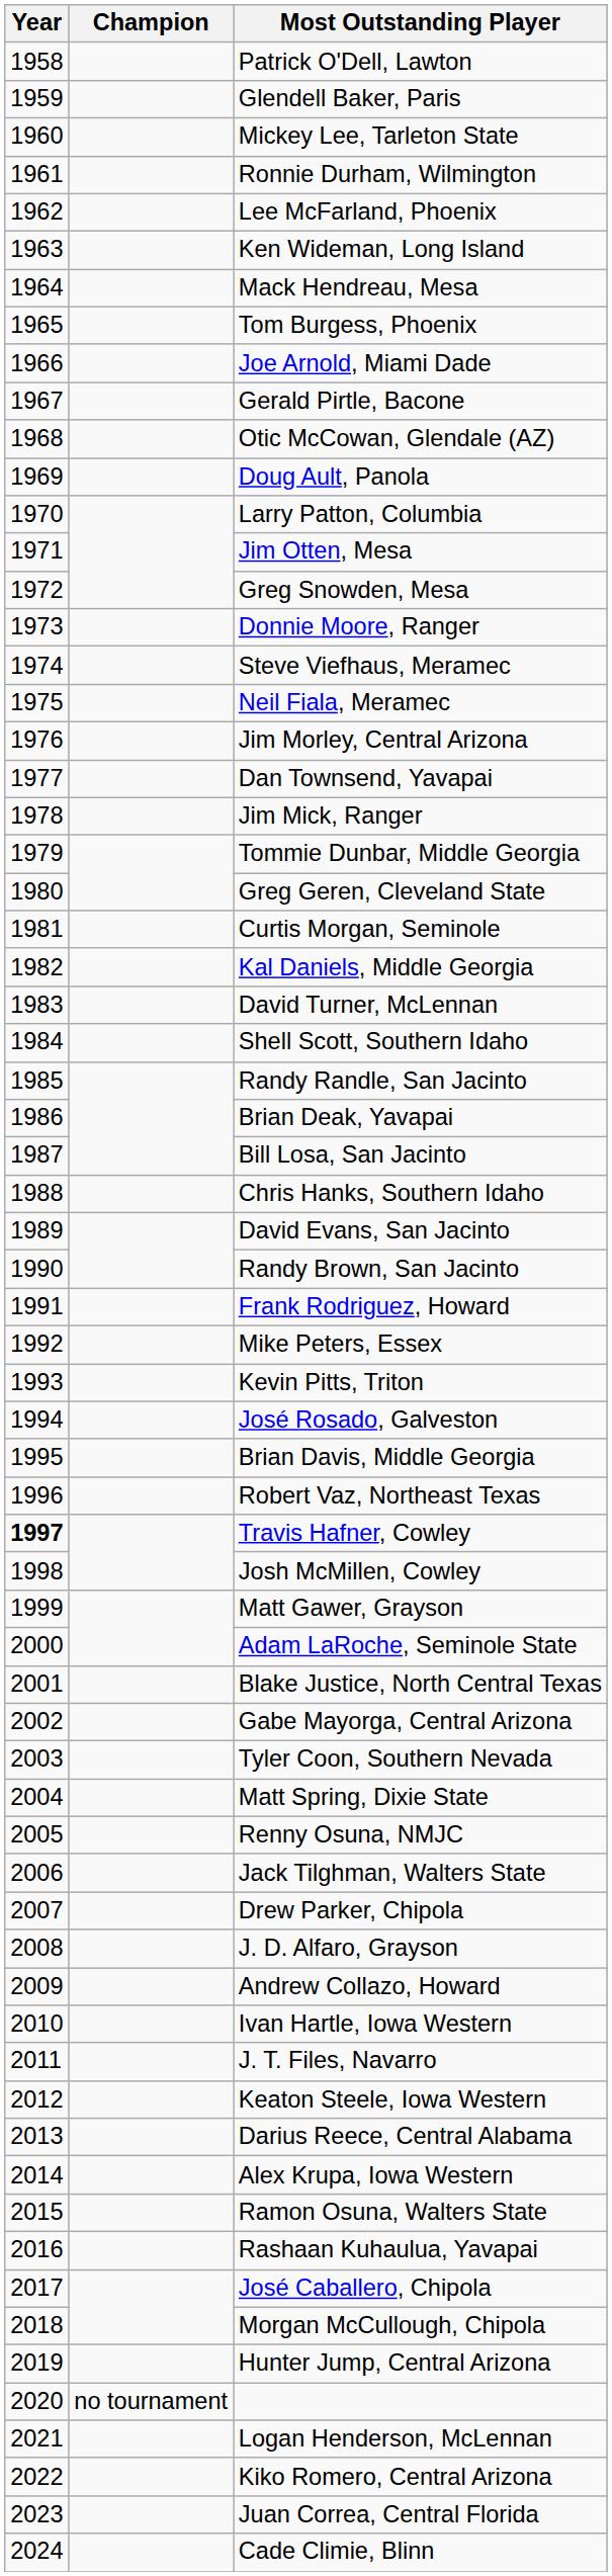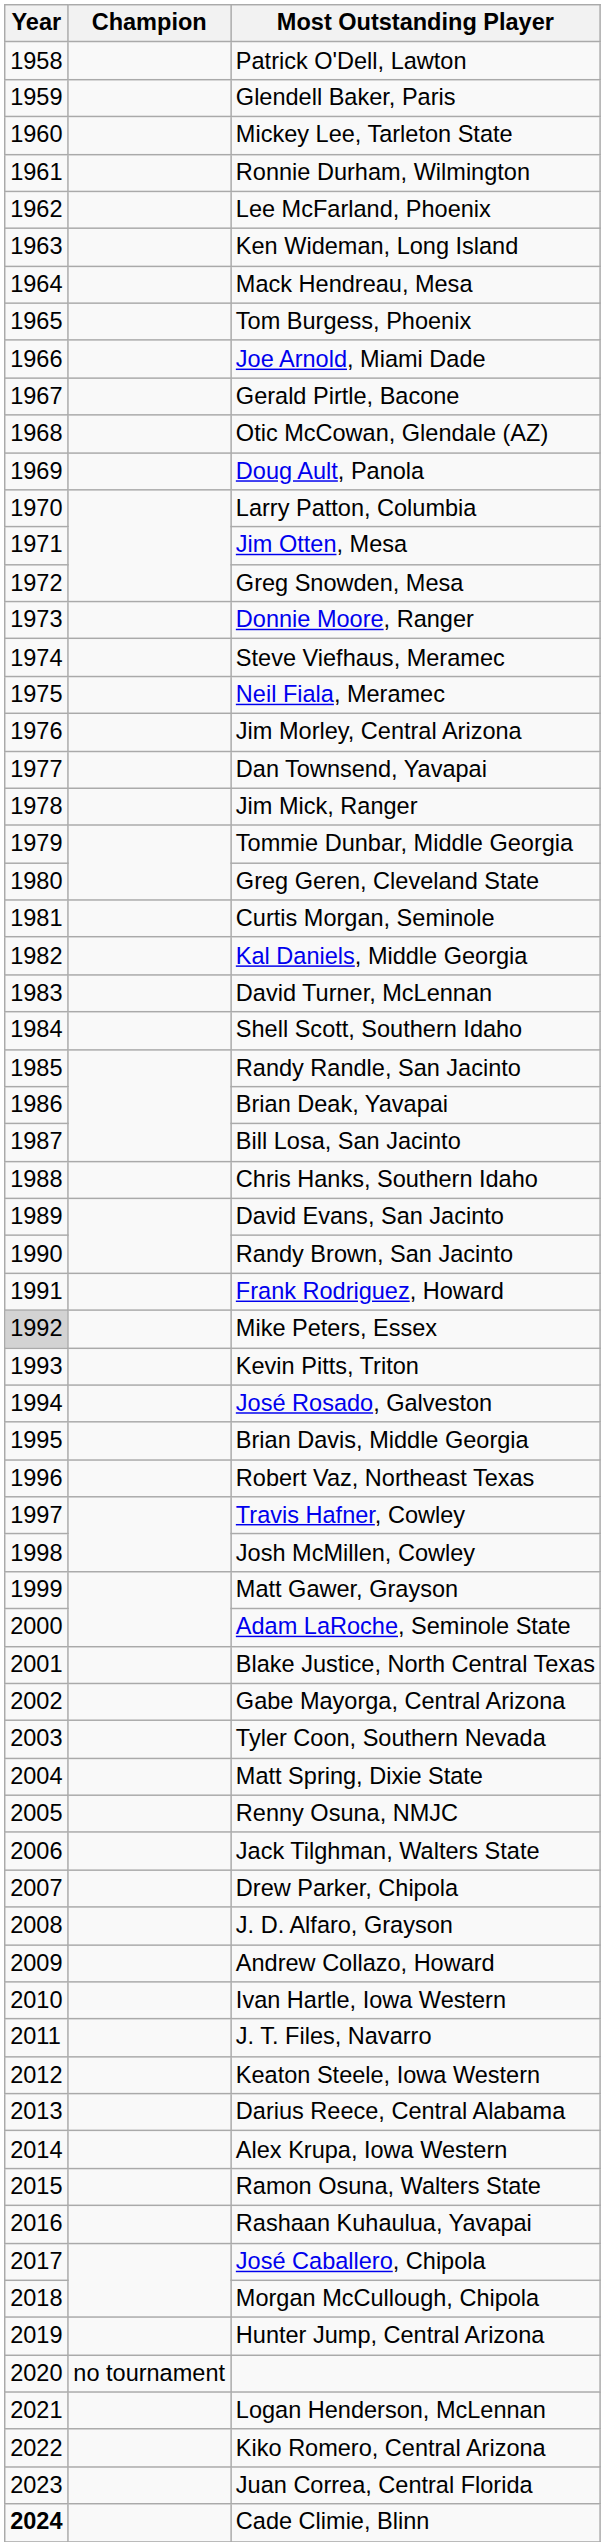 <table class="wikitable sortable">
 <tr>
 <th>Year</th>
 <th>Champion</th>
 <th>Most Outstanding Player</th>
 </tr>
 <tr>
 <td>1958</td>
 <td></td>
 <td>Patrick O'Dell, Lawton</td>
 </tr>
 <tr>
 <td>1959</td>
 <td></td>
 <td>Glendell Baker, Paris</td>
 </tr>
 <tr>
 <td>1960</td>
 <td></td>
 <td>Mickey Lee, Tarleton State</td>
 </tr>
 <tr>
 <td>1961</td>
 <td></td>
 <td>Ronnie Durham, Wilmington</td>
 </tr>
 <tr>
 <td>1962</td>
 <td></td>
 <td>Lee McFarland, Phoenix</td>
 </tr>
 <tr>
 <td>1963</td>
 <td></td>
 <td>Ken Wideman, Long Island</td>
 </tr>
 <tr>
 <td>1964</td>
 <td></td>
 <td>Mack Hendreau, Mesa</td>
 </tr>
 <tr>
 <td>1965</td>
 <td></td>
 <td>Tom Burgess, Phoenix</td>
 </tr>
 <tr>
 <td>1966</td>
 <td></td>
 <td><a href='#'>Joe Arnold</a>, Miami Dade</td>
 </tr>
 <tr>
 <td>1967</td>
 <td></td>
 <td>Gerald Pirtle, Bacone</td>
 </tr>
 <tr>
 <td>1968</td>
 <td></td>
 <td>Otic McCowan, Glendale (AZ)</td>
 </tr>
 <tr>
 <td>1969</td>
 <td></td>
 <td><a href='#'>Doug Ault</a>, Panola</td>
 </tr>
 <tr>
 <td>1970</td>
 <td rowspan="3"></td>
 <td>Larry Patton, Columbia</td>
 </tr>
 <tr>
 <td>1971</td>
 <td><a href='#'>Jim Otten</a>, Mesa</td>
 </tr>
 <tr>
 <td>1972</td>
 <td>Greg Snowden, Mesa</td>
 </tr>
 <tr>
 <td>1973</td>
 <td></td>
 <td><a href='#'>Donnie Moore</a>, Ranger</td>
 </tr>
 <tr>
 <td>1974</td>
 <td></td>
 <td>Steve Viefhaus, Meramec</td>
 </tr>
 <tr>
 <td>1975</td>
 <td></td>
 <td><a href='#'>Neil Fiala</a>, Meramec</td>
 </tr>
 <tr>
 <td>1976</td>
 <td></td>
 <td>Jim Morley, Central Arizona</td>
 </tr>
 <tr>
 <td>1977</td>
 <td></td>
 <td>Dan Townsend, Yavapai</td>
 </tr>
 <tr>
 <td>1978</td>
 <td></td>
 <td>Jim Mick, Ranger</td>
 </tr>
 <tr>
 <td>1979</td>
 <td rowspan="2"></td>
 <td>Tommie Dunbar, Middle Georgia</td>
 </tr>
 <tr>
 <td>1980</td>
 <td>Greg Geren, Cleveland State</td>
 </tr>
 <tr>
 <td>1981</td>
 <td></td>
 <td>Curtis Morgan, Seminole</td>
 </tr>
 <tr>
 <td>1982</td>
 <td></td>
 <td><a href='#'>Kal Daniels</a>, Middle Georgia</td>
 </tr>
 <tr>
 <td>1983</td>
 <td></td>
 <td>David Turner, McLennan</td>
 </tr>
 <tr>
 <td>1984</td>
 <td></td>
 <td>Shell Scott, Southern Idaho</td>
 </tr>
 <tr>
 <td>1985</td>
 <td rowspan="3"></td>
 <td>Randy Randle, San Jacinto</td>
 </tr>
 <tr>
 <td>1986</td>
 <td>Brian Deak, Yavapai</td>
 </tr>
 <tr>
 <td>1987</td>
 <td>Bill Losa, San Jacinto</td>
 </tr>
 <tr>
 <td>1988</td>
 <td></td>
 <td>Chris  Hanks, Southern Idaho</td>
 </tr>
 <tr>
 <td>1989</td>
 <td rowspan="2"></td>
 <td>David Evans, San Jacinto</td>
 </tr>
 <tr>
 <td>1990</td>
 <td>Randy Brown, San Jacinto</td>
 </tr>
 <tr>
 <td>1991</td>
 <td></td>
 <td><a href='#'>Frank Rodriguez</a>, Howard</td>
 </tr>
 <tr>
-<td>1992</td>
+<td style="background: lightgrey;">1992</td>
 <td></td>
 <td>Mike Peters, Essex</td>
 </tr>
 <tr>
 <td>1993</td>
 <td></td>
 <td>Kevin Pitts, Triton</td>
 </tr>
 <tr>
 <td>1994</td>
 <td></td>
 <td><a href='#'>José Rosado</a>, Galveston</td>
 </tr>
 <tr>
 <td>1995</td>
 <td></td>
 <td>Brian Davis, Middle Georgia</td>
 </tr>
 <tr>
 <td>1996</td>
 <td></td>
 <td>Robert Vaz, Northeast Texas</td>
 </tr>
 <tr>
-<td><strong>1997</strong></td>
+<td>1997</td>
 <td rowspan="2"></td>
 <td><a href='#'>Travis Hafner</a>, Cowley</td>
 </tr>
 <tr>
 <td>1998</td>
 <td>Josh McMillen, Cowley</td>
 </tr>
 <tr>
 <td>1999</td>
 <td rowspan="2"></td>
 <td>Matt Gawer, Grayson</td>
 </tr>
 <tr>
 <td>2000</td>
 <td><a href='#'>Adam LaRoche</a>, Seminole State</td>
 </tr>
 <tr>
 <td>2001</td>
 <td></td>
 <td>Blake Justice, North Central Texas</td>
 </tr>
 <tr>
 <td>2002</td>
 <td></td>
 <td>Gabe Mayorga, Central Arizona</td>
 </tr>
 <tr>
 <td>2003</td>
 <td></td>
 <td>Tyler Coon, Southern Nevada</td>
 </tr>
 <tr>
 <td>2004</td>
 <td></td>
 <td>Matt Spring, Dixie State</td>
 </tr>
 <tr>
 <td>2005</td>
 <td></td>
 <td>Renny Osuna, NMJC</td>
 </tr>
 <tr>
 <td>2006</td>
 <td></td>
 <td>Jack Tilghman, Walters State</td>
 </tr>
 <tr>
 <td>2007</td>
 <td></td>
 <td>Drew Parker, Chipola</td>
 </tr>
 <tr>
 <td>2008</td>
 <td></td>
 <td>J. D. Alfaro, Grayson</td>
 </tr>
 <tr>
 <td>2009</td>
 <td></td>
 <td>Andrew Collazo, Howard</td>
 </tr>
 <tr>
 <td>2010</td>
 <td></td>
 <td>Ivan Hartle, Iowa Western</td>
 </tr>
 <tr>
 <td>2011</td>
 <td></td>
 <td>J. T. Files, Navarro</td>
 </tr>
 <tr>
 <td>2012</td>
 <td></td>
 <td>Keaton Steele, Iowa Western</td>
 </tr>
 <tr>
 <td>2013</td>
 <td></td>
 <td>Darius Reece, Central Alabama</td>
 </tr>
 <tr>
 <td>2014</td>
 <td></td>
 <td>Alex Krupa, Iowa Western</td>
 </tr>
 <tr>
 <td>2015</td>
 <td></td>
 <td>Ramon Osuna, Walters State</td>
 </tr>
 <tr>
 <td>2016</td>
 <td></td>
 <td>Rashaan Kuhaulua, Yavapai</td>
 </tr>
 <tr>
 <td>2017</td>
 <td rowspan="2"></td>
 <td><a href='#'>José Caballero</a>, Chipola</td>
 </tr>
 <tr>
 <td>2018</td>
 <td>Morgan McCullough, Chipola</td>
 </tr>
 <tr>
 <td>2019</td>
 <td></td>
 <td>Hunter Jump, Central Arizona</td>
 </tr>
 <tr>
 <td>2020</td>
 <td>no tournament</td>
 </tr>
 <tr>
 <td>2021</td>
 <td></td>
 <td>Logan Henderson, McLennan</td>
 </tr>
 <tr>
 <td>2022</td>
 <td></td>
 <td>Kiko Romero, Central Arizona</td>
 </tr>
 <tr>
 <td>2023</td>
 <td></td>
 <td>Juan Correa, Central Florida</td>
 </tr>
 <tr>
-<td>2024</td>
+<td><strong>2024</strong></td>
 <td></td>
 <td>Cade Climie, Blinn</td>
 </tr>
 </table>
